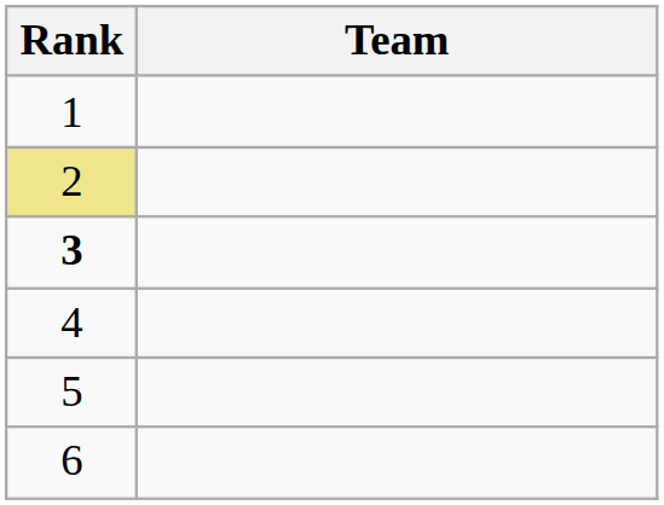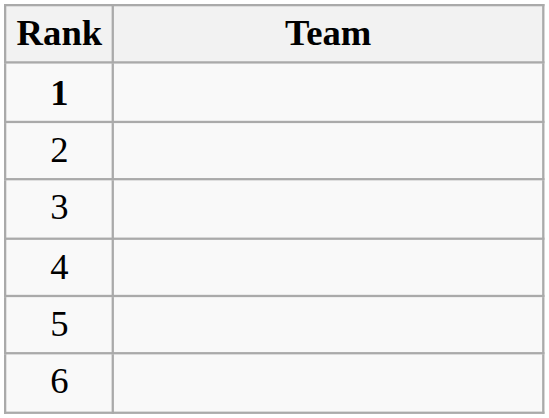 <table class="wikitable" style="text-align: center;">
 <tr>
 <th width=40>Rank</th>
 <th width=180>Team</th>
 </tr>
 <tr>
-<td>1</td>
+<td><strong>1</strong></td>
 <td align=left></td>
 </tr>
 <tr>
-<td style="background: khaki;">2</td>
+<td>2</td>
 <td align=left></td>
 </tr>
 <tr>
-<td><strong>3</strong></td>
+<td>3</td>
 <td align=left></td>
 </tr>
 <tr>
 <td>4</td>
 <td align=left></td>
 </tr>
 <tr>
 <td>5</td>
 <td align=left></td>
 </tr>
 <tr>
 <td>6</td>
 <td align=left></td>
 </tr>
 </table>
